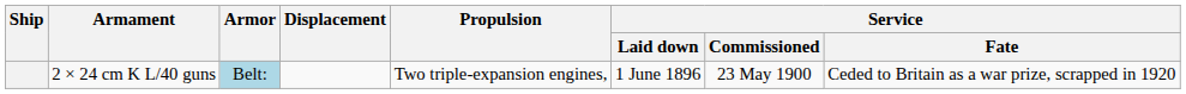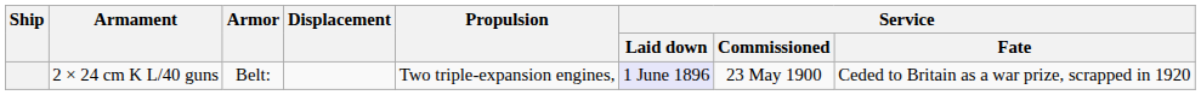 <table class="wikitable plainrowheaders" style="text-align: center;">
 <tr valign="top">
 <th scope="col" rowspan="2">Ship</th>
 <th scope="col" rowspan="2">Armament</th>
 <th scope="col" rowspan="2">Armor</th>
 <th scope="col" rowspan="2">Displacement</th>
 <th scope="col" rowspan="2">Propulsion</th>
 <th scope="col" colspan="3">Service</th>
 </tr>
 <tr valign="top">
 <th scope="col">Laid down</th>
 <th scope="col">Commissioned</th>
 <th scope="col">Fate</th>
 </tr>
 <tr valign="center">
 <th scope="row"></th>
 <td>2 × 24 cm K L/40 guns</td>
-<td style="background: lightblue;">Belt: </td>
+<td>Belt: </td>
 <td></td>
 <td>Two triple-expansion engines, </td>
-<td>1 June 1896</td>
+<td style="background: lavender;">1 June 1896</td>
 <td>23 May 1900</td>
 <td>Ceded to Britain as a war prize, scrapped in 1920</td>
 </tr>
 </table>
